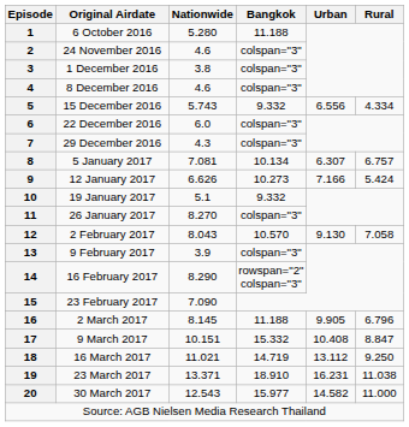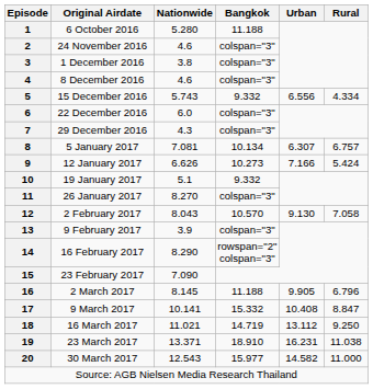 <table class=wikitable style="text-align:center">
 <tr>
 <th width=40>Episode</th>
 <th width=150>Original Airdate</th>
 <th width=60>Nationwide</th>
 <th width=60>Bangkok</th>
 <th width=60>Urban</th>
 <th width=60>Rural</th>
 </tr>
 <tr>
 <th>1</th>
 <td>6 October 2016</td>
 <td>5.280</td>
 <td>11.188</td>
 </tr>
 <tr>
 <th>2</th>
 <td>24 November 2016</td>
 <td>4.6</td>
 <td>colspan="3"  </td>
 </tr>
 <tr>
 <th>3</th>
 <td>1 December 2016</td>
 <td>3.8</td>
 <td>colspan="3"  </td>
 </tr>
 <tr>
 <th>4</th>
 <td>8 December 2016</td>
 <td>4.6</td>
 <td>colspan="3"  </td>
 </tr>
 <tr>
 <th>5</th>
 <td>15 December 2016</td>
 <td>5.743</td>
 <td>9.332</td>
 <td>6.556</td>
 <td>4.334</td>
 </tr>
 <tr>
 <th>6</th>
 <td>22 December 2016</td>
 <td>6.0</td>
 <td>colspan="3"  </td>
 </tr>
 <tr>
 <th>7</th>
 <td>29 December 2016</td>
 <td>4.3</td>
 <td>colspan="3"  </td>
 </tr>
 <tr>
 <th>8</th>
 <td>5 January 2017</td>
 <td>7.081</td>
 <td>10.134</td>
 <td>6.307</td>
 <td>6.757</td>
 </tr>
 <tr>
 <th>9</th>
 <td>12 January 2017</td>
 <td>6.626</td>
 <td>10.273</td>
 <td>7.166</td>
 <td>5.424</td>
 </tr>
 <tr>
 <th>10</th>
 <td>19 January 2017</td>
 <td>5.1</td>
 <td>9.332</td>
 </tr>
 <tr>
 <th>11</th>
 <td>26 January 2017</td>
 <td>8.270</td>
 <td>colspan="3"  </td>
 </tr>
 <tr>
 <th>12</th>
 <td>2 February 2017</td>
 <td>8.043</td>
 <td>10.570</td>
 <td>9.130</td>
 <td>7.058</td>
 </tr>
 <tr>
 <th>13</th>
 <td>9 February 2017</td>
 <td>3.9</td>
 <td>colspan="3"  </td>
 </tr>
 <tr>
 <th>14</th>
 <td>16 February 2017</td>
 <td>8.290</td>
 <td>rowspan="2" colspan="3"  </td>
 </tr>
 <tr>
 <th>15</th>
 <td>23 February 2017</td>
 <td>7.090</td>
 </tr>
 <tr>
 <th>16</th>
 <td>2 March 2017</td>
 <td>8.145</td>
 <td>11.188</td>
 <td>9.905</td>
 <td>6.796</td>
 </tr>
 <tr>
 <th>17</th>
 <td>9 March 2017</td>
-<td>10.151</td>
+<td>10.141</td>
 <td>15.332</td>
 <td>10.408</td>
 <td>8.847</td>
 </tr>
 <tr>
 <th>18</th>
 <td>16 March 2017</td>
 <td>11.021</td>
 <td>14.719</td>
 <td>13.112</td>
 <td>9.250</td>
 </tr>
 <tr>
 <th>19</th>
 <td>23 March 2017</td>
 <td>13.371</td>
 <td>18.910</td>
 <td>16.231</td>
 <td>11.038</td>
 </tr>
 <tr>
 <th>20</th>
 <td>30 March 2017</td>
 <td>12.543</td>
 <td>15.977</td>
 <td>14.582</td>
 <td>11.000</td>
 </tr>
 <tr>
 <td colspan="6">Source: AGB Nielsen Media Research Thailand</td>
 </tr>
 </table>
